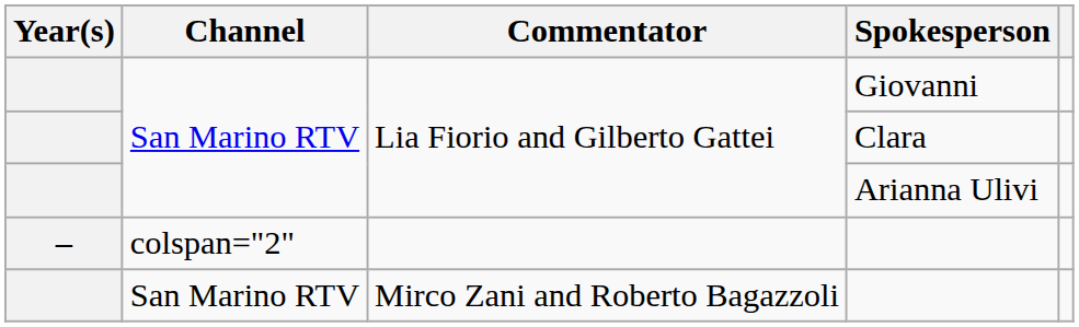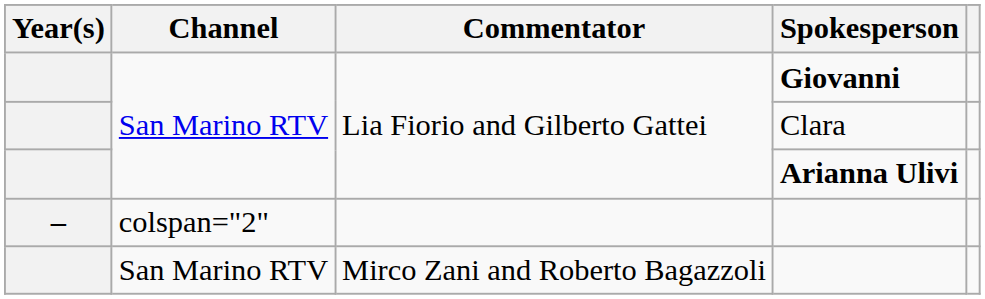 <table class="wikitable sortable plainrowheaders">
 <tr>
 <th scope="col">Year(s)</th>
 <th scope="col">Channel</th>
 <th scope="col">Commentator</th>
 <th scope="col">Spokesperson</th>
 <th scope="col" class="unsortable"></th>
 </tr>
 <tr>
 <th scope="row"></th>
 <td rowspan="3"><a href='#'>San Marino RTV</a></td>
 <td rowspan="3">Lia Fiorio and Gilberto Gattei</td>
-<td>Giovanni</td>
+<td><strong>Giovanni</strong></td>
 <td></td>
 </tr>
 <tr>
 <th scope="row"></th>
 <td>Clara</td>
 <td></td>
 </tr>
 <tr>
 <th scope="row"></th>
-<td>Arianna Ulivi</td>
+<td><strong>Arianna Ulivi</strong></td>
 <td></td>
 </tr>
 <tr>
 <th scope="row">–</th>
 <td>colspan="2" </td>
 <td></td>
 <td></td>
 </tr>
 <tr>
 <th scope="row"></th>
 <td>San Marino RTV</td>
 <td>Mirco Zani and Roberto Bagazzoli</td>
 <td></td>
 <td></td>
 </tr>
 </table>
